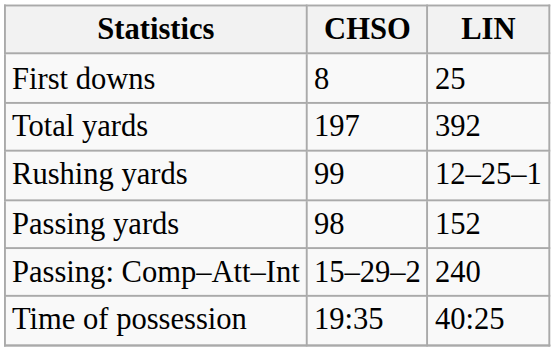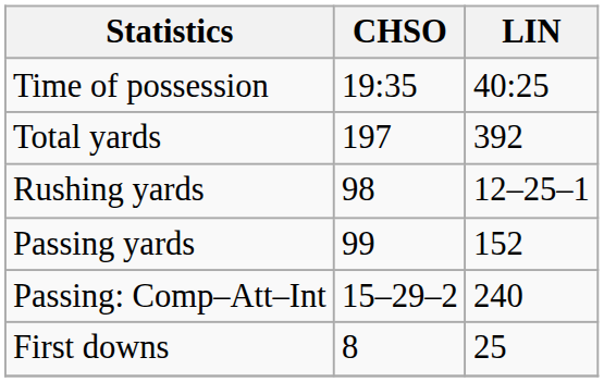 <table class="wikitable" style="float: left;">
 <tr>
 <th>Statistics</th>
 <th>CHSO</th>
 <th>LIN</th>
 </tr>
 <tr>
-<td>First downs</td>
-<td>8</td>
-<td>25</td>
+<td>Time of possession</td>
+<td>19:35</td>
+<td>40:25</td>
 </tr>
 <tr>
 <td>Total yards</td>
 <td>197</td>
 <td>392</td>
 </tr>
 <tr>
 <td>Rushing yards</td>
-<td>99</td>
+<td>98</td>
 <td>12–25–1</td>
 </tr>
 <tr>
 <td>Passing yards</td>
-<td>98</td>
+<td>99</td>
 <td>152</td>
 </tr>
 <tr>
 <td>Passing: Comp–Att–Int</td>
 <td>15–29–2</td>
 <td>240</td>
 </tr>
 <tr>
-<td>Time of possession</td>
-<td>19:35</td>
-<td>40:25</td>
+<td>First downs</td>
+<td>8</td>
+<td>25</td>
 </tr>
 <tr>
 </tr>
 </table>
